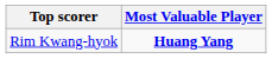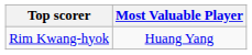 <table class="wikitable" style="margin: 0 auto;">
 <tr>
 <th>Top scorer</th>
 <th><a href='#'>Most Valuable Player</a></th>
 </tr>
 <tr>
 <td align = center> <a href='#'>Rim Kwang-hyok</a></td>
-<td align = center><strong> <a href='#'>Huang Yang</a></strong></td>
+<td align = center> <a href='#'>Huang Yang</a></td>
 </tr>
 </table>
